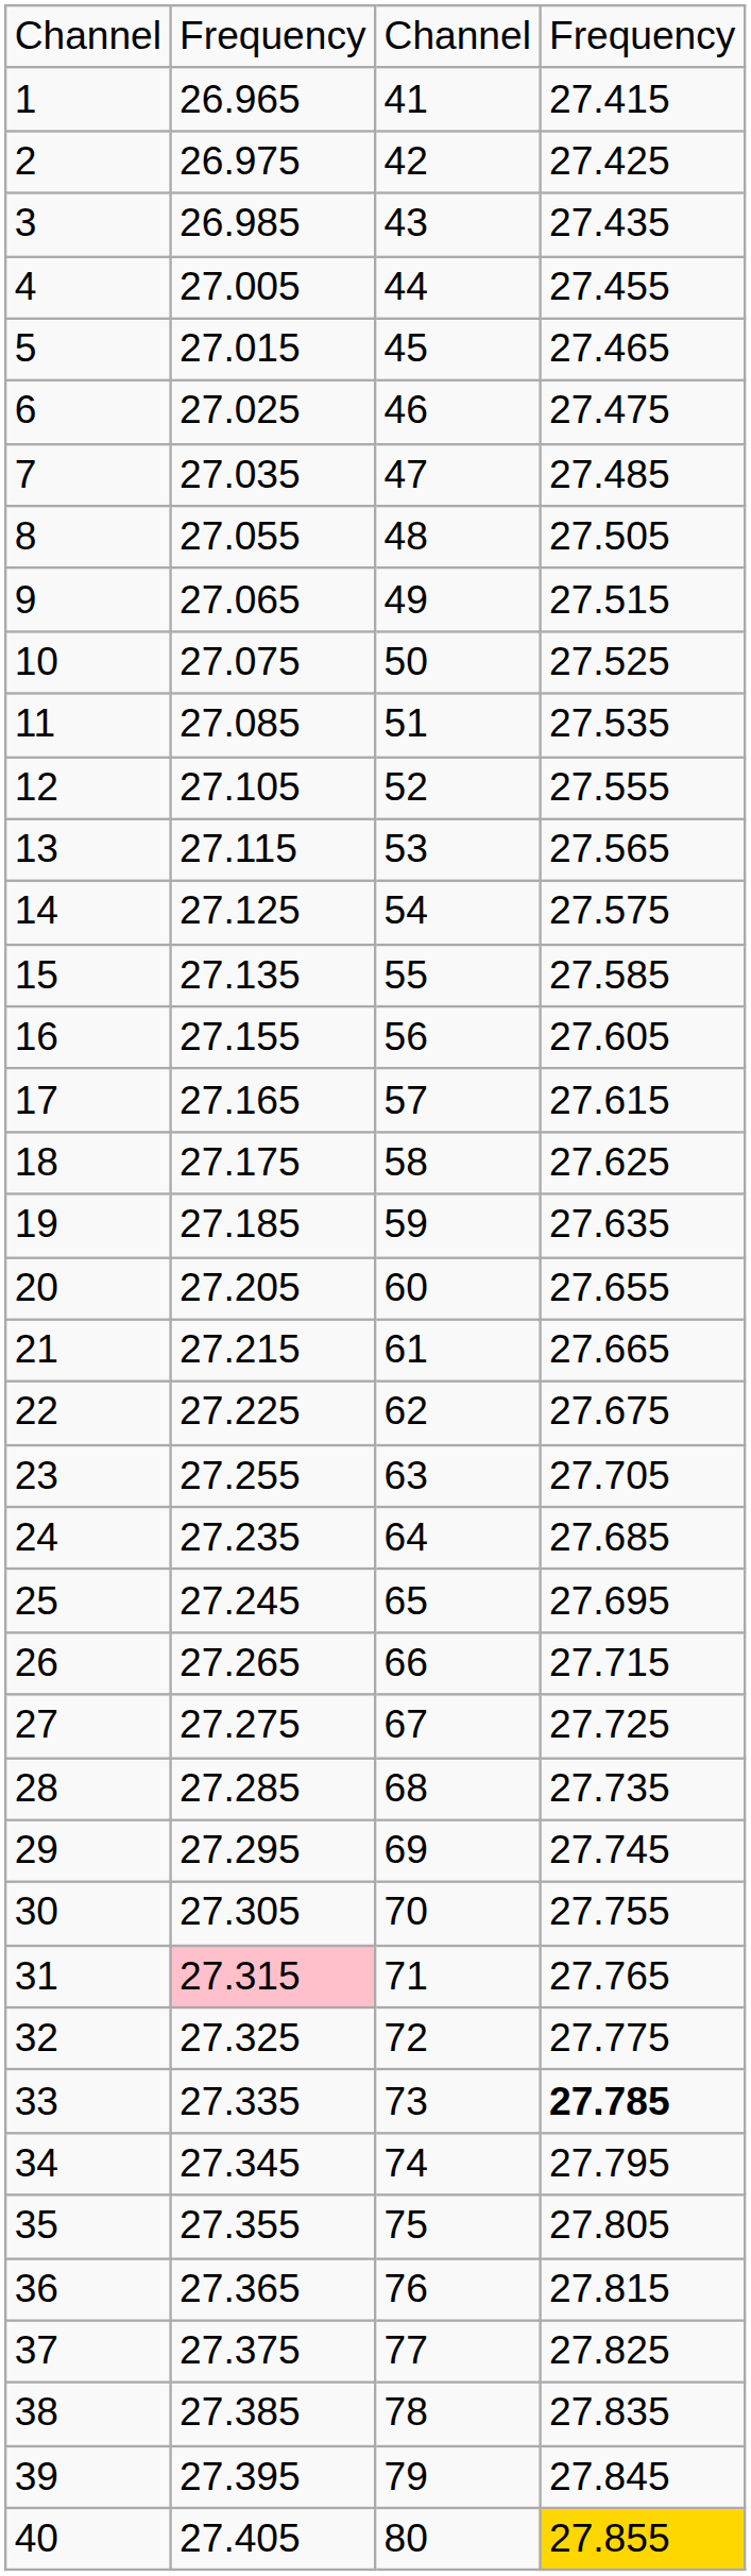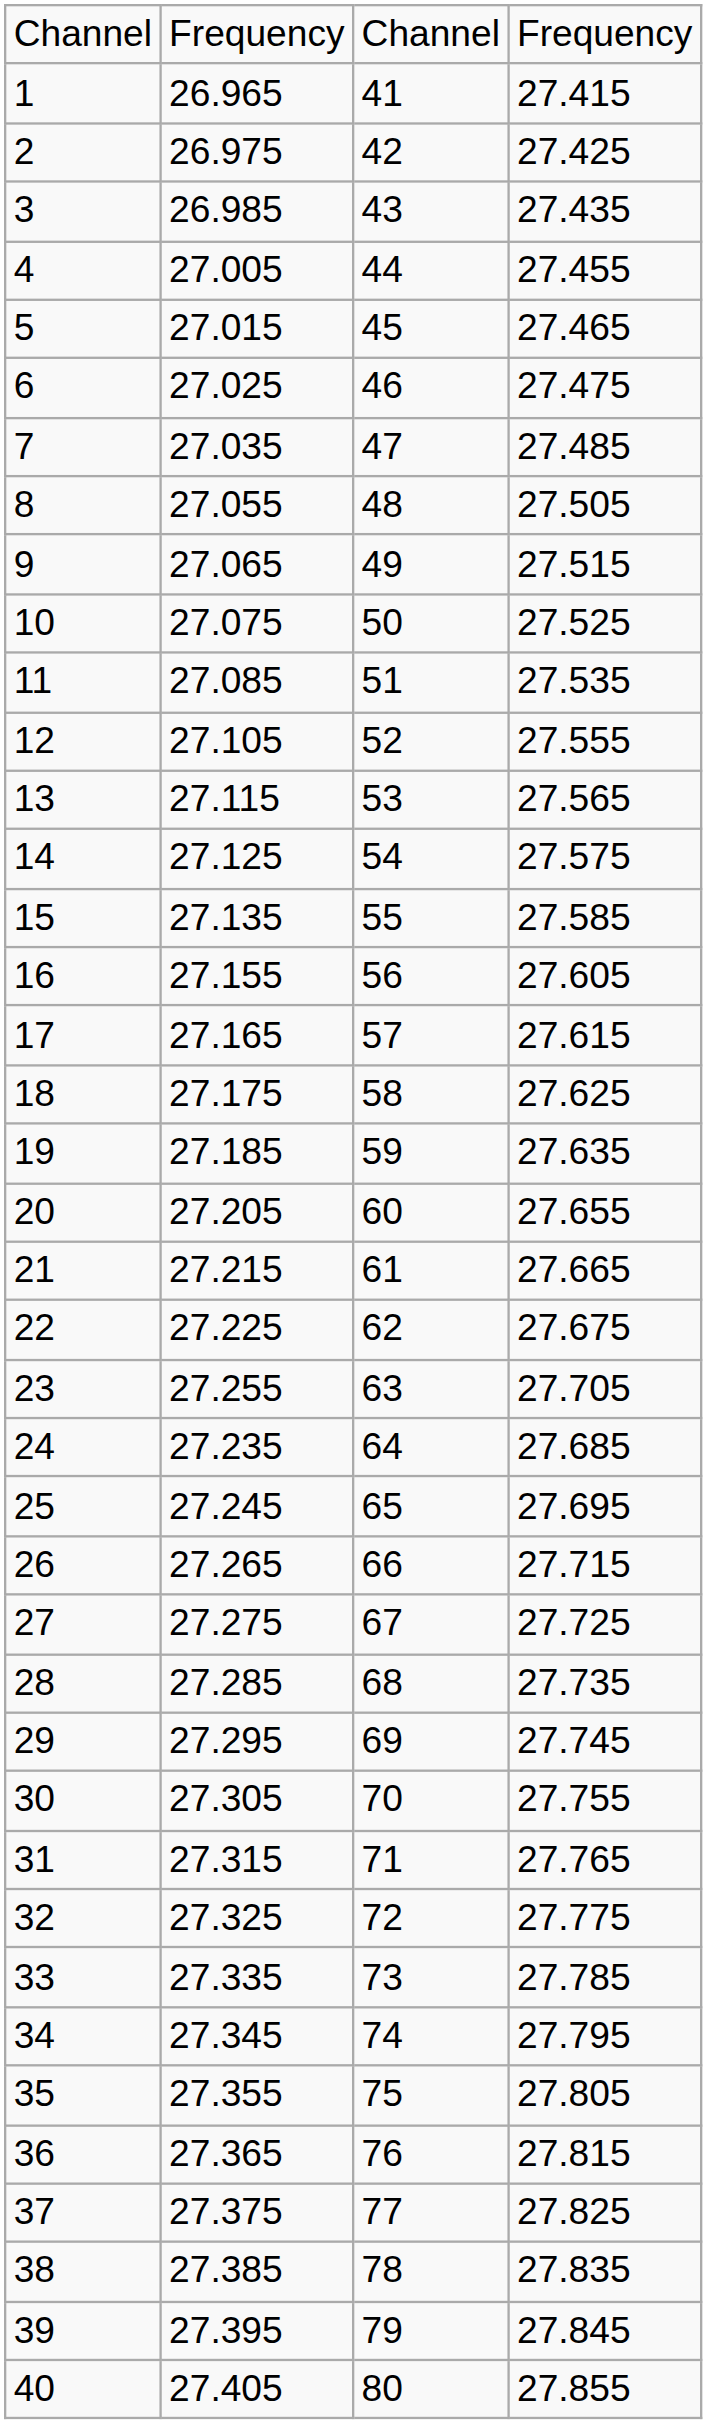 <table class="wikitable">
 <tr>
 <td>Channel</td>
 <td>Frequency</td>
 <td>Channel</td>
 <td>Frequency</td>
 </tr>
 <tr>
 <td>1</td>
 <td>26.965</td>
 <td>41</td>
 <td>27.415</td>
 </tr>
 <tr>
 <td>2</td>
 <td>26.975</td>
 <td>42</td>
 <td>27.425</td>
 </tr>
 <tr>
 <td>3</td>
 <td>26.985</td>
 <td>43</td>
 <td>27.435</td>
 </tr>
 <tr>
 <td>4</td>
 <td>27.005</td>
 <td>44</td>
 <td>27.455</td>
 </tr>
 <tr>
 <td>5</td>
 <td>27.015</td>
 <td>45</td>
 <td>27.465</td>
 </tr>
 <tr>
 <td>6</td>
 <td>27.025</td>
 <td>46</td>
 <td>27.475</td>
 </tr>
 <tr>
 <td>7</td>
 <td>27.035</td>
 <td>47</td>
 <td>27.485</td>
 </tr>
 <tr>
 <td>8</td>
 <td>27.055</td>
 <td>48</td>
 <td>27.505</td>
 </tr>
 <tr>
 <td>9</td>
 <td>27.065</td>
 <td>49</td>
 <td>27.515</td>
 </tr>
 <tr>
 <td>10</td>
 <td>27.075</td>
 <td>50</td>
 <td>27.525</td>
 </tr>
 <tr>
 <td>11</td>
 <td>27.085</td>
 <td>51</td>
 <td>27.535</td>
 </tr>
 <tr>
 <td>12</td>
 <td>27.105</td>
 <td>52</td>
 <td>27.555</td>
 </tr>
 <tr>
 <td>13</td>
 <td>27.115</td>
 <td>53</td>
 <td>27.565</td>
 </tr>
 <tr>
 <td>14</td>
 <td>27.125</td>
 <td>54</td>
 <td>27.575</td>
 </tr>
 <tr>
 <td>15</td>
 <td>27.135</td>
 <td>55</td>
 <td>27.585</td>
 </tr>
 <tr>
 <td>16</td>
 <td>27.155</td>
 <td>56</td>
 <td>27.605</td>
 </tr>
 <tr>
 <td>17</td>
 <td>27.165</td>
 <td>57</td>
 <td>27.615</td>
 </tr>
 <tr>
 <td>18</td>
 <td>27.175</td>
 <td>58</td>
 <td>27.625</td>
 </tr>
 <tr>
 <td>19</td>
 <td>27.185</td>
 <td>59</td>
 <td>27.635</td>
 </tr>
 <tr>
 <td>20</td>
 <td>27.205</td>
 <td>60</td>
 <td>27.655</td>
 </tr>
 <tr>
 <td>21</td>
 <td>27.215</td>
 <td>61</td>
 <td>27.665</td>
 </tr>
 <tr>
 <td>22</td>
 <td>27.225</td>
 <td>62</td>
 <td>27.675</td>
 </tr>
 <tr>
 <td>23</td>
 <td>27.255</td>
 <td>63</td>
 <td>27.705</td>
 </tr>
 <tr>
 <td>24</td>
 <td>27.235</td>
 <td>64</td>
 <td>27.685</td>
 </tr>
 <tr>
 <td>25</td>
 <td>27.245</td>
 <td>65</td>
 <td>27.695</td>
 </tr>
 <tr>
 <td>26</td>
 <td>27.265</td>
 <td>66</td>
 <td>27.715</td>
 </tr>
 <tr>
 <td>27</td>
 <td>27.275</td>
 <td>67</td>
 <td>27.725</td>
 </tr>
 <tr>
 <td>28</td>
 <td>27.285</td>
 <td>68</td>
 <td>27.735</td>
 </tr>
 <tr>
 <td>29</td>
 <td>27.295</td>
 <td>69</td>
 <td>27.745</td>
 </tr>
 <tr>
 <td>30</td>
 <td>27.305</td>
 <td>70</td>
 <td>27.755</td>
 </tr>
 <tr>
 <td>31</td>
-<td style="background: pink;">27.315</td>
+<td>27.315</td>
 <td>71</td>
 <td>27.765</td>
 </tr>
 <tr>
 <td>32</td>
 <td>27.325</td>
 <td>72</td>
 <td>27.775</td>
 </tr>
 <tr>
 <td>33</td>
 <td>27.335</td>
 <td>73</td>
-<td><strong>27.785</strong></td>
+<td>27.785</td>
 </tr>
 <tr>
 <td>34</td>
 <td>27.345</td>
 <td>74</td>
 <td>27.795</td>
 </tr>
 <tr>
 <td>35</td>
 <td>27.355</td>
 <td>75</td>
 <td>27.805</td>
 </tr>
 <tr>
 <td>36</td>
 <td>27.365</td>
 <td>76</td>
 <td>27.815</td>
 </tr>
 <tr>
 <td>37</td>
 <td>27.375</td>
 <td>77</td>
 <td>27.825</td>
 </tr>
 <tr>
 <td>38</td>
 <td>27.385</td>
 <td>78</td>
 <td>27.835</td>
 </tr>
 <tr>
 <td>39</td>
 <td>27.395</td>
 <td>79</td>
 <td>27.845</td>
 </tr>
 <tr>
 <td>40</td>
 <td>27.405</td>
 <td>80</td>
-<td style="background: gold;">27.855</td>
+<td>27.855</td>
 </tr>
 </table>
